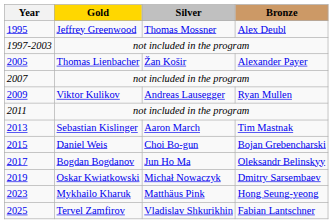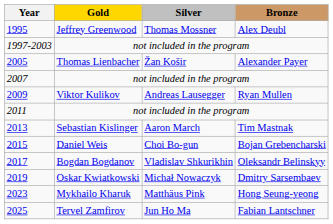 <table class="wikitable">
 <tr>
 <th>Year</th>
 <td align=center bgcolor=gold><strong>Gold</strong></td>
 <td align=center bgcolor=silver><strong>Silver</strong></td>
 <td align=center bgcolor=cc9966><strong>Bronze</strong></td>
 </tr>
 <tr>
 <td><a href='#'>1995</a></td>
 <td> <a href='#'>Jeffrey Greenwood</a></td>
 <td> <a href='#'>Thomas Mossner</a></td>
 <td> <a href='#'>Alex Deubl</a></td>
 </tr>
 <tr>
 <td><em>1997-2003</em></td>
 <td colspan=3 align=center><em>not included in the program</em></td>
 </tr>
 <tr>
 <td><a href='#'>2005</a></td>
 <td> <a href='#'>Thomas Lienbacher</a></td>
 <td> <a href='#'>Žan Košir</a></td>
 <td> <a href='#'>Alexander Payer</a></td>
 </tr>
 <tr>
 <td><em>2007</em></td>
 <td colspan=3 align=center><em>not included in the program</em></td>
 </tr>
 <tr>
 <td><a href='#'>2009</a></td>
 <td> <a href='#'>Viktor Kulikov</a></td>
 <td> <a href='#'>Andreas Lausegger</a></td>
 <td> <a href='#'>Ryan Mullen</a></td>
 </tr>
 <tr>
 <td><em>2011</em></td>
 <td colspan=3 align=center><em>not included in the program</em></td>
 </tr>
 <tr>
 <td><a href='#'>2013</a></td>
 <td> <a href='#'>Sebastian Kislinger</a></td>
 <td> <a href='#'>Aaron March</a></td>
 <td> <a href='#'>Tim Mastnak</a></td>
 </tr>
 <tr>
 <td><a href='#'>2015</a></td>
 <td> <a href='#'>Daniel Weis</a></td>
 <td> <a href='#'>Choi Bo-gun</a></td>
 <td> <a href='#'>Bojan Grebencharski</a></td>
 </tr>
 <tr>
 <td><a href='#'>2017</a></td>
 <td> <a href='#'>Bogdan Bogdanov</a></td>
-<td> <a href='#'>Jun Ho Ma</a></td>
+<td> <a href='#'>Vladislav Shkurikhin</a></td>
 <td> <a href='#'>Oleksandr Belinskyy</a></td>
 </tr>
 <tr>
 <td><a href='#'>2019</a></td>
 <td> <a href='#'>Oskar Kwiatkowski</a></td>
 <td> <a href='#'>Michał Nowaczyk</a></td>
 <td> <a href='#'>Dmitry Sarsembaev</a></td>
 </tr>
 <tr>
 <td><a href='#'>2023</a></td>
 <td> <a href='#'>Mykhailo Kharuk</a></td>
 <td> <a href='#'>Matthäus Pink</a></td>
 <td> <a href='#'>Hong Seung-yeong</a></td>
 </tr>
 <tr>
 <td><a href='#'>2025</a></td>
 <td> <a href='#'>Tervel Zamfirov</a></td>
-<td> <a href='#'>Vladislav Shkurikhin</a></td>
+<td> <a href='#'>Jun Ho Ma</a></td>
 <td> <a href='#'>Fabian Lantschner</a></td>
 </tr>
 </table>
